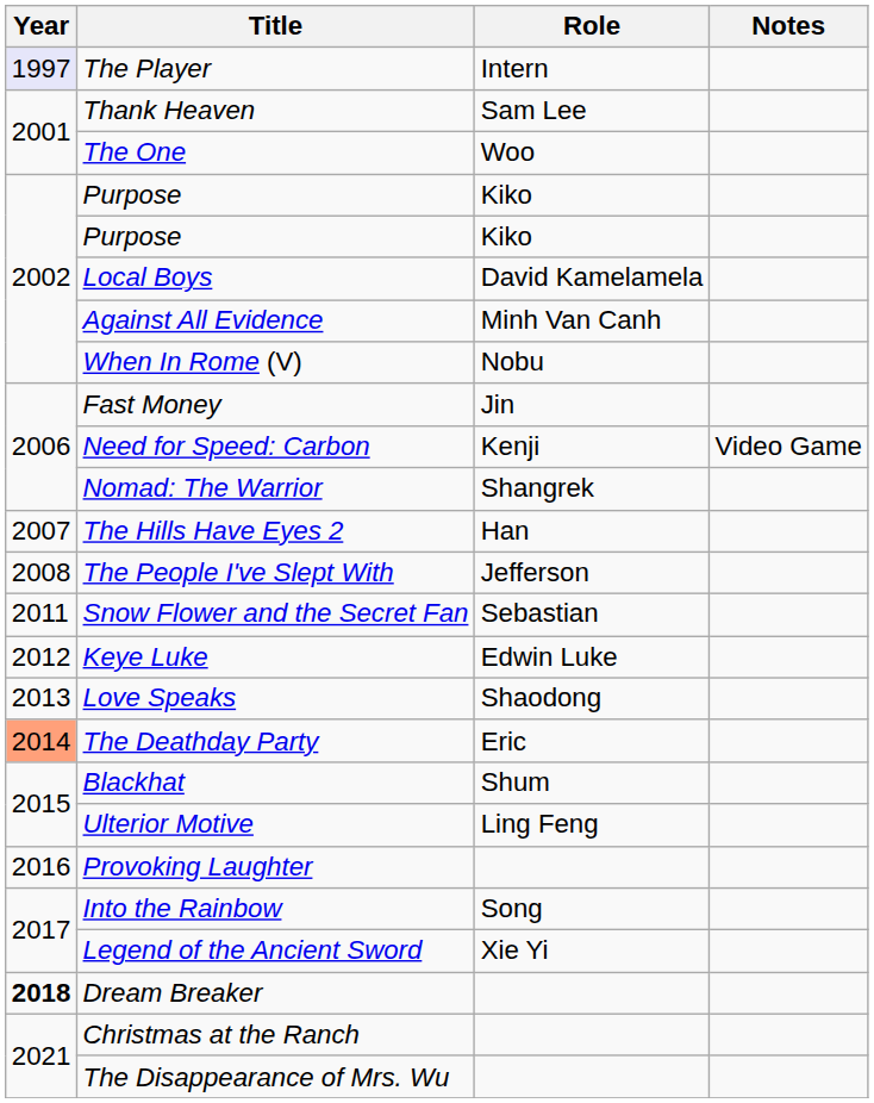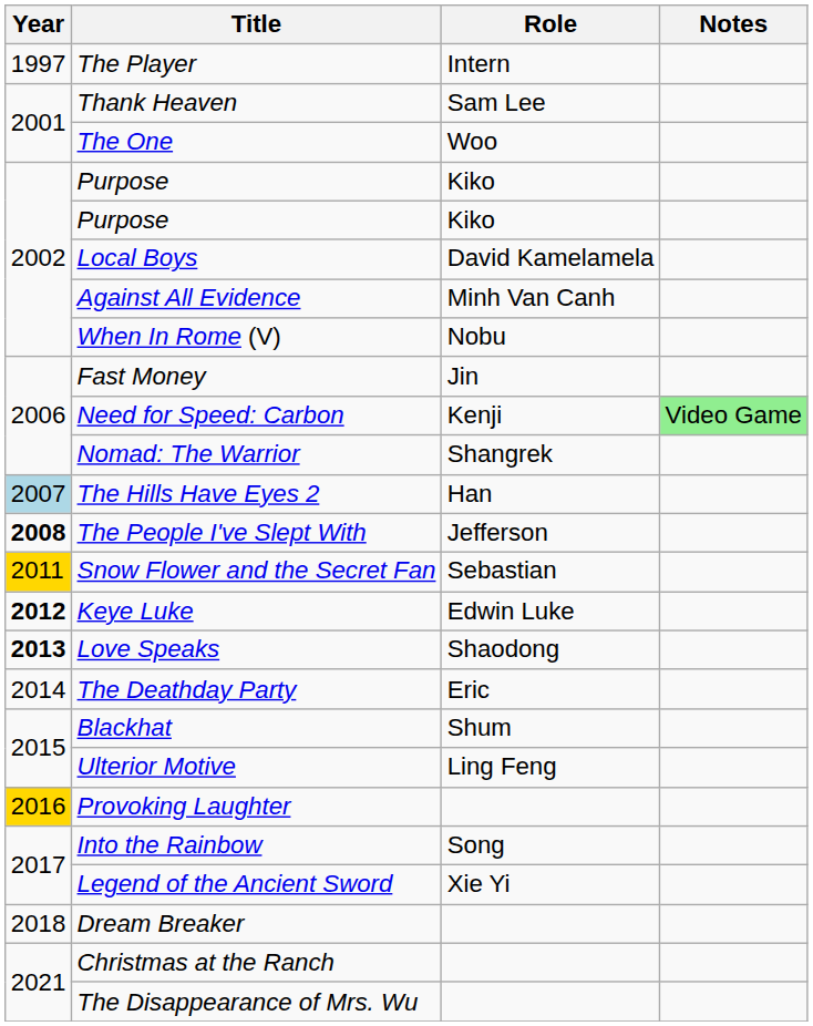 <table class="wikitable sortable">
 <tr>
 <th>Year</th>
 <th>Title</th>
 <th>Role</th>
 <th>Notes</th>
 </tr>
 <tr>
-<td style="background: lavender;">1997</td>
+<td>1997</td>
 <td><em>The Player</em></td>
 <td>Intern</td>
 <td></td>
 </tr>
 <tr>
 <td rowspan="2">2001</td>
 <td><em>Thank Heaven</em></td>
 <td>Sam Lee</td>
 <td></td>
 </tr>
 <tr>
 <td><em><a href='#'>The One</a></em></td>
 <td>Woo</td>
 <td></td>
 </tr>
 <tr>
 <td rowspan="5">2002</td>
 <td><em>Purpose</em></td>
 <td>Kiko</td>
 <td></td>
 </tr>
 <tr>
 <td><em>Purpose</em></td>
 <td>Kiko</td>
 <td></td>
 </tr>
 <tr>
 <td><em><a href='#'>Local Boys</a></em></td>
 <td>David Kamelamela</td>
 <td></td>
 </tr>
 <tr>
 <td><em><a href='#'>Against All Evidence</a></em></td>
 <td>Minh Van Canh</td>
 <td></td>
 </tr>
 <tr>
 <td><em><a href='#'>When In Rome</a></em> (V)</td>
 <td>Nobu</td>
 <td></td>
 </tr>
 <tr>
 <td rowspan="3">2006</td>
 <td><em>Fast Money</em></td>
 <td>Jin</td>
 <td></td>
 </tr>
 <tr>
 <td><em><a href='#'>Need for Speed: Carbon</a></em></td>
 <td>Kenji</td>
-<td>Video Game</td>
+<td style="background: lightgreen;">Video Game</td>
 </tr>
 <tr>
 <td><em><a href='#'>Nomad: The Warrior</a></em></td>
 <td>Shangrek</td>
 <td></td>
 </tr>
 <tr>
-<td>2007</td>
+<td style="background: lightblue;">2007</td>
 <td><em><a href='#'>The Hills Have Eyes 2</a></em></td>
 <td>Han</td>
 <td></td>
 </tr>
 <tr>
-<td>2008</td>
+<td><strong>2008</strong></td>
 <td><em><a href='#'>The People I've Slept With</a></em></td>
 <td>Jefferson</td>
 <td></td>
 </tr>
 <tr>
-<td>2011</td>
+<td style="background: gold;">2011</td>
 <td><em><a href='#'>Snow Flower and the Secret Fan</a></em></td>
 <td>Sebastian</td>
 <td></td>
 </tr>
 <tr>
-<td>2012</td>
+<td><strong>2012</strong></td>
 <td><em><a href='#'>Keye Luke</a></em></td>
 <td>Edwin Luke</td>
 <td></td>
 </tr>
 <tr>
-<td>2013</td>
+<td><strong>2013</strong></td>
 <td><em><a href='#'>Love Speaks</a></em></td>
 <td>Shaodong</td>
 <td></td>
 </tr>
 <tr>
-<td style="background: lightsalmon;">2014</td>
+<td>2014</td>
 <td><em><a href='#'>The Deathday Party</a></em></td>
 <td>Eric</td>
 <td></td>
 </tr>
 <tr>
 <td rowspan="2">2015</td>
 <td><em><a href='#'>Blackhat</a></em></td>
 <td>Shum</td>
 <td></td>
 </tr>
 <tr>
 <td><em><a href='#'>Ulterior Motive</a></em></td>
 <td>Ling Feng</td>
 <td></td>
 </tr>
 <tr>
-<td>2016</td>
+<td style="background: gold;">2016</td>
 <td><em><a href='#'>Provoking Laughter</a></em></td>
 <td></td>
 <td></td>
 </tr>
 <tr>
 <td rowspan="2">2017</td>
 <td><em><a href='#'>Into the Rainbow</a></em></td>
 <td>Song</td>
 <td></td>
 </tr>
 <tr>
 <td><em><a href='#'>Legend of the Ancient Sword</a></em></td>
 <td>Xie Yi</td>
 <td></td>
 </tr>
 <tr>
-<td><strong>2018</strong></td>
+<td>2018</td>
 <td><em>Dream Breaker</em></td>
 <td></td>
 <td></td>
 </tr>
 <tr>
 <td rowspan="2">2021</td>
 <td><em>Christmas at the Ranch</em></td>
 <td></td>
 <td></td>
 </tr>
 <tr>
 <td><em>The Disappearance of Mrs. Wu</em></td>
 <td></td>
 <td></td>
 </tr>
 <tr>
 </tr>
 </table>
